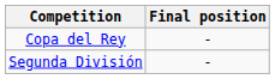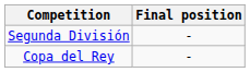 <table class="wikitable" style="font-size:100%; text-align:center">
 <tr>
 <th>Competition</th>
 <th>Final position</th>
 </tr>
 <tr style="background:">
+<td><a href='#'>Segunda División</a></td>
+<td>-</td>
+</tr>
+<tr style="background:">
 <td><a href='#'>Copa del Rey</a></td>
 <td>-</td>
 </tr>
-<tr style="background:">
-<td><a href='#'>Segunda División</a></td>
-<td>-</td>
-</tr>
 </table>
